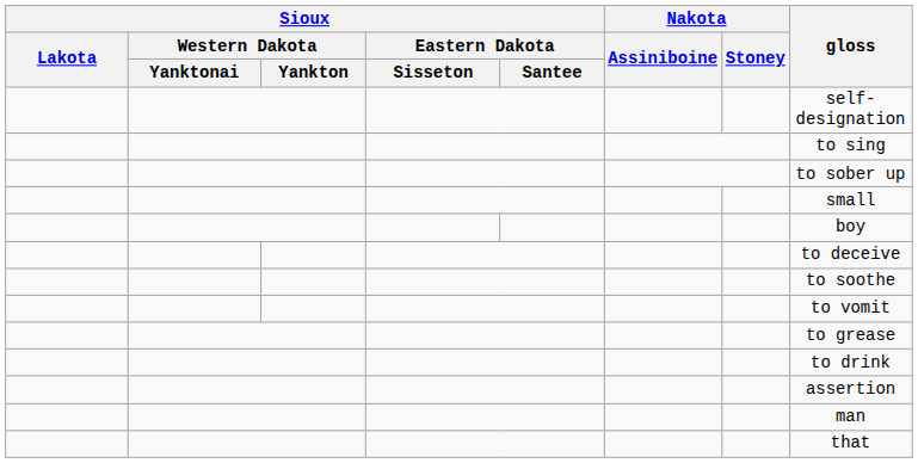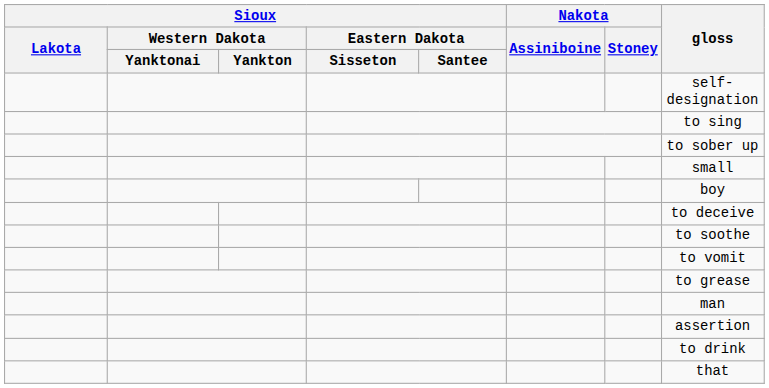 <table class="wikitable">
 <tr>
 <th align="center" colspan="5" width="90"><a href='#'>Sioux</a></th>
 <th colspan="2" width="90" align="center"><a href='#'>Nakota</a></th>
 <th colspan="1" rowspan="3" width="90" align="center">gloss</th>
 </tr>
 <tr>
 <th colspan="1" rowspan="2" width="90" align="center"><a href='#'>Lakota</a></th>
 <th align="center" colspan="2" width="180">Western Dakota</th>
 <th align="center" colspan="2" width="180">Eastern Dakota</th>
 <th rowspan="2"><a href='#'>Assiniboine</a></th>
 <th rowspan="2"><a href='#'>Stoney</a></th>
 </tr>
 <tr>
 <th align="center">Yanktonai</th>
 <th align="center">Yankton</th>
 <th align="center">Sisseton</th>
 <th align="center">Santee</th>
 </tr>
 <tr>
 <td align="center"></td>
 <td align="center" colspan="2"></td>
 <td align="center" colspan="2"></td>
 <td align="center"></td>
 <td align="center"></td>
 <td align="center">self-designation</td>
 </tr>
 <tr>
 <td align="center"></td>
 <td align="center" colspan="2"></td>
 <td align="center" colspan="2"></td>
 <td align="center" colspan="2"></td>
 <td align="center">to sing</td>
 </tr>
 <tr>
 <td align="center"></td>
 <td align="center" colspan="2"></td>
 <td align="center" colspan="2"></td>
 <td align="center" colspan="2"></td>
 <td align="center">to sober up</td>
 </tr>
 <tr>
 <td align="center"></td>
 <td align="center" colspan="2"></td>
 <td align="center" colspan="2"></td>
 <td align="center"></td>
 <td align="center"></td>
 <td align="center">small</td>
 </tr>
 <tr>
 <td align="center"></td>
 <td align="center" colspan="2"></td>
 <td align="center"></td>
 <td align="center"></td>
 <td align="center"></td>
 <td align="center"></td>
 <td align="center">boy</td>
 </tr>
 <tr>
 <td align="center"></td>
 <td align="center"></td>
 <td align="center"></td>
 <td align="center" colspan="2"></td>
 <td align="center"></td>
 <td align="center"></td>
 <td align="center">to deceive</td>
 </tr>
 <tr>
 <td align="center"></td>
 <td align="center"></td>
 <td align="center"></td>
 <td align="center" colspan="2"></td>
 <td align="center"></td>
 <td align="center"></td>
 <td align="center">to soothe</td>
 </tr>
 <tr>
 <td align="center"></td>
 <td align="center"></td>
 <td align="center"></td>
 <td align="center" colspan="2"></td>
 <td align="center"></td>
 <td align="center"></td>
 <td align="center">to vomit</td>
 </tr>
 <tr>
 <td align="center"></td>
 <td align="center" colspan="2"></td>
 <td align="center" colspan="2"></td>
 <td align="center"></td>
 <td align="center"></td>
 <td align="center">to grease</td>
 </tr>
 <tr>
 <td align="center"></td>
 <td align="center" colspan="2"></td>
 <td align="center" colspan="2"></td>
 <td align="center"></td>
 <td align="center"></td>
-<td align="center">to drink</td>
+<td align="center">man</td>
 </tr>
 <tr>
 <td align="center"></td>
 <td align="center" colspan="2"></td>
 <td align="center" colspan="2"></td>
 <td align="center"></td>
 <td align="center"></td>
 <td align="center">assertion</td>
 </tr>
 <tr>
 <td align="center"></td>
 <td align="center" colspan="2"></td>
 <td align="center" colspan="2"></td>
 <td align="center"></td>
 <td align="center"></td>
-<td align="center">man</td>
+<td align="center">to drink</td>
 </tr>
 <tr>
 <td align="center"></td>
 <td align="center" colspan="2"></td>
 <td align="center" colspan="2"></td>
 <td align="center"></td>
 <td align="center"></td>
 <td align="center">that</td>
 </tr>
 </table>
